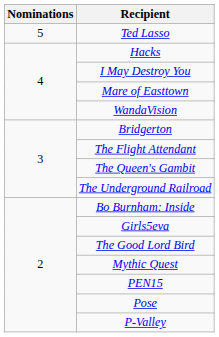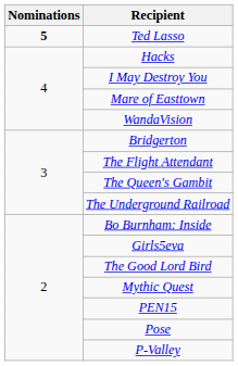 <table class="wikitable" rowspan="2" style="text-align:center;" background: #f6e39c;>
 <tr>
 <th scope="col" style="width:55px;">Nominations</th>
 <th scope="col" style="text-align:center;">Recipient</th>
 </tr>
 <tr>
-<td style="text-align: center;">5</td>
+<td style="text-align: center;"><strong>5</strong></td>
 <td><em><a href='#'>Ted Lasso</a></em></td>
 </tr>
 <tr>
 <td rowspan="4" style="text-align: center;">4</td>
 <td><em><a href='#'>Hacks</a></em></td>
 </tr>
 <tr>
 <td><em><a href='#'>I May Destroy You</a></em></td>
 </tr>
 <tr>
 <td><em><a href='#'>Mare of Easttown</a></em></td>
 </tr>
 <tr>
 <td><em><a href='#'>WandaVision</a></em></td>
 </tr>
 <tr>
 <td rowspan="4" style="text-align: center;">3</td>
 <td><em><a href='#'>Bridgerton</a></em></td>
 </tr>
 <tr>
 <td><em><a href='#'>The Flight Attendant</a></em></td>
 </tr>
 <tr>
 <td><em><a href='#'>The Queen's Gambit</a></em></td>
 </tr>
 <tr>
 <td><em><a href='#'>The Underground Railroad</a></em></td>
 </tr>
 <tr>
 <td rowspan="7" style="text-align: center;">2</td>
 <td><em><a href='#'>Bo Burnham: Inside</a></em></td>
 </tr>
 <tr>
 <td><em><a href='#'>Girls5eva</a></em></td>
 </tr>
 <tr>
 <td><em><a href='#'>The Good Lord Bird</a></em></td>
 </tr>
 <tr>
 <td><em><a href='#'>Mythic Quest</a></em></td>
 </tr>
 <tr>
 <td><em><a href='#'>PEN15</a></em></td>
 </tr>
 <tr>
 <td><em><a href='#'>Pose</a></em></td>
 </tr>
 <tr>
 <td><em><a href='#'>P-Valley</a></em></td>
 </tr>
 </table>
